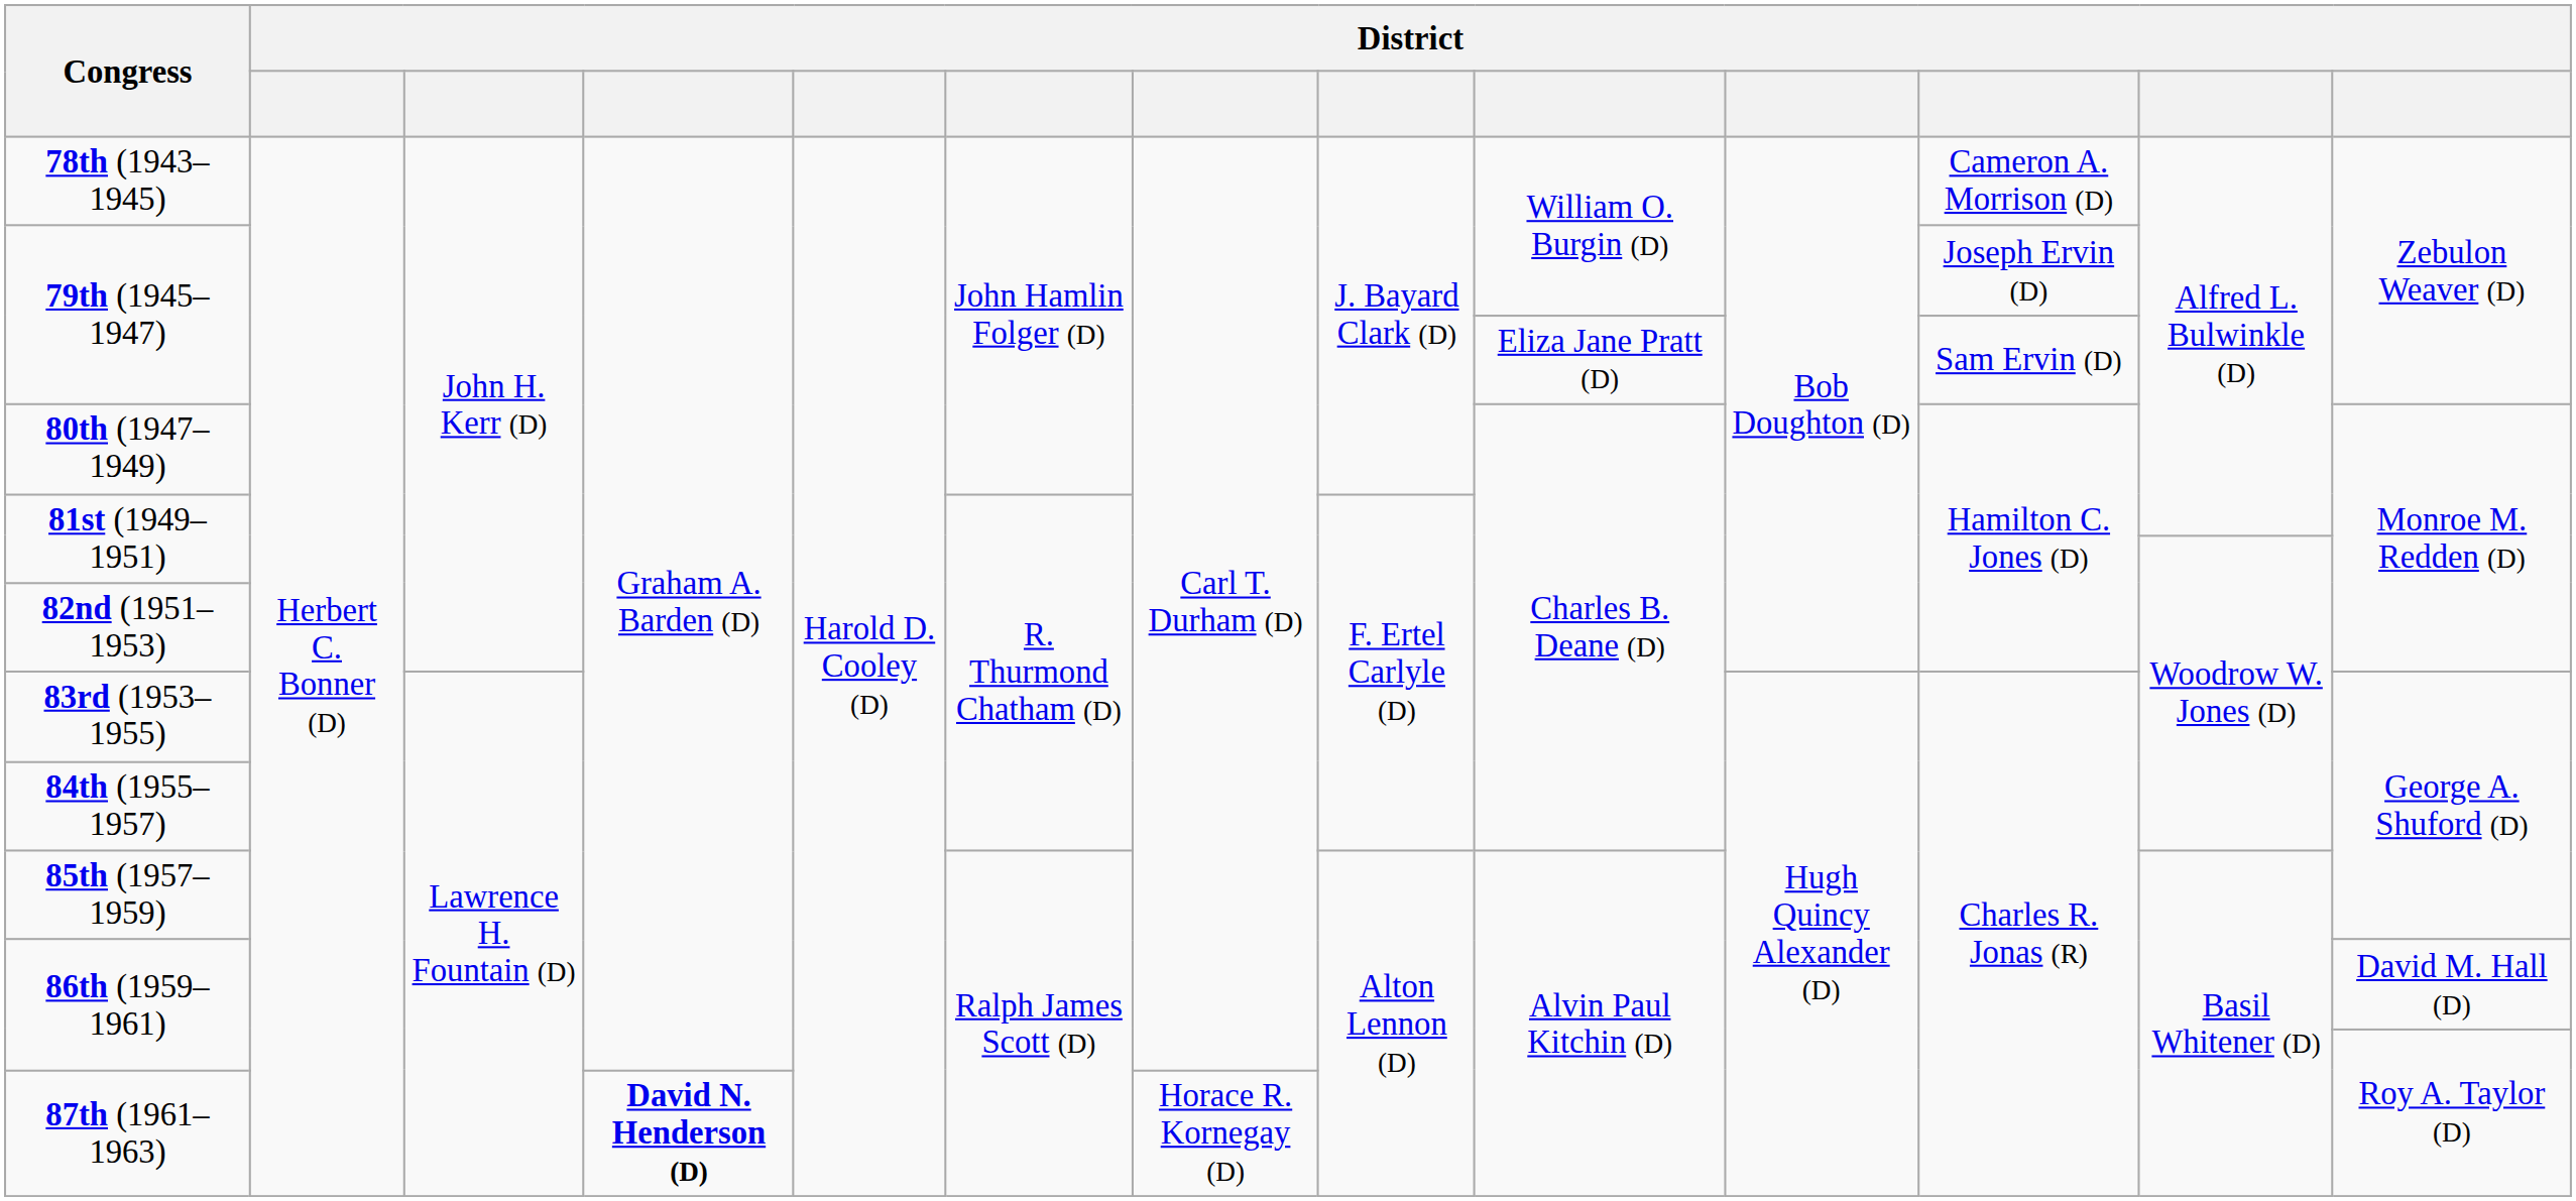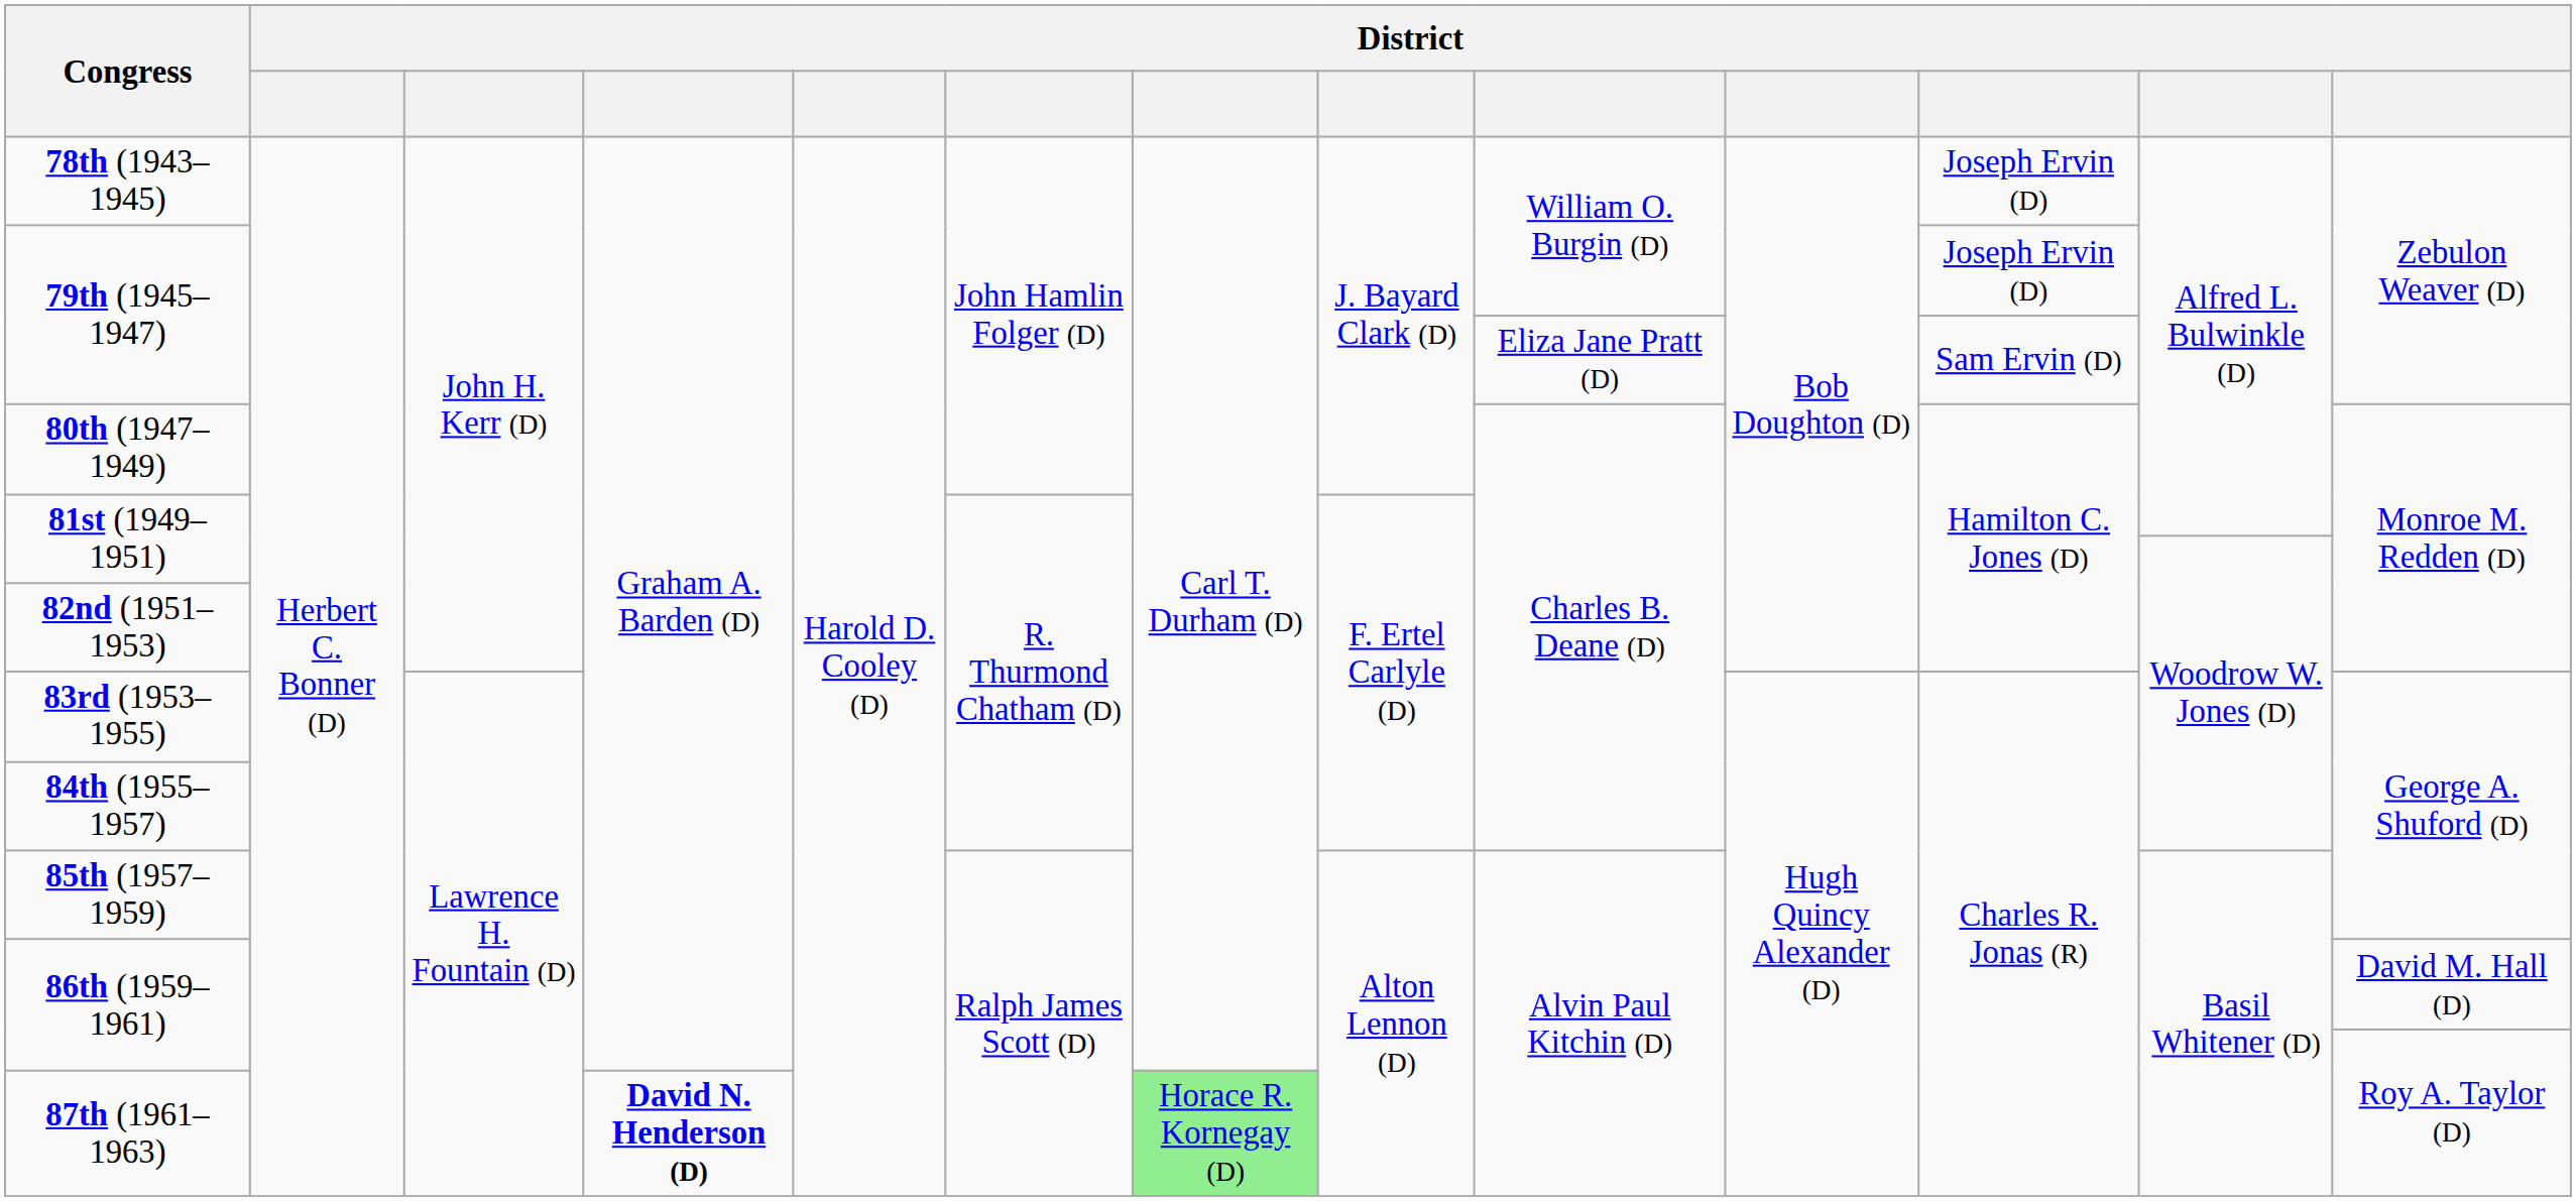 <table class=wikitable style="text-align:center">
 <tr style="height:2em">
 <th rowspan=2>Con­gress</th>
 <th colspan=12>District</th>
 </tr>
 <tr style="height:2em">
 <th></th>
 <th></th>
 <th></th>
 <th></th>
 <th></th>
 <th></th>
 <th></th>
 <th></th>
 <th></th>
 <th></th>
 <th></th>
 <th></th>
 </tr>
 <tr style="height:2.5em">
 <td><strong><a href='#'>78th</a></strong> (1943–1945)</td>
 <td rowspan=13 ><a href='#'>Herbert C.<br>Bonner</a> <small>(D)</small></td>
 <td rowspan=7 ><a href='#'>John H.<br>Kerr</a> <small>(D)</small></td>
 <td rowspan=12 ><a href='#'>Graham A.<br>Barden</a> <small>(D)</small></td>
 <td rowspan=13 ><a href='#'>Harold D.<br>Cooley</a> <small>(D)</small></td>
 <td rowspan=4 ><a href='#'>John Hamlin<br>Folger</a> <small>(D)</small></td>
 <td rowspan=12 ><a href='#'>Carl T.<br>Durham</a> <small>(D)</small></td>
 <td rowspan=4 ><a href='#'>J. Bayard<br>Clark</a> <small>(D)</small></td>
 <td rowspan=2 ><a href='#'>William O.<br>Burgin</a> <small>(D)</small></td>
 <td rowspan=7 ><a href='#'>Bob<br>Doughton</a> <small>(D)</small></td>
-<td><a href='#'>Cameron A.<br>Morrison</a> <small>(D)</small></td>
+<td><a href='#'>Joseph Ervin</a> <small>(D)</small></td>
 <td rowspan=5 ><a href='#'>Alfred L.<br>Bulwinkle</a> <small>(D)</small></td>
 <td rowspan=3 ><a href='#'>Zebulon<br>Weaver</a> <small>(D)</small></td>
 </tr>
 <tr style="height:2em">
 <td rowspan=2><strong><a href='#'>79th</a></strong> (1945–1947)</td>
 <td><a href='#'>Joseph Ervin</a> <small>(D)</small></td>
 </tr>
 <tr style="height:2em">
 <td><a href='#'>Eliza Jane Pratt</a> <small>(D)</small></td>
 <td><a href='#'>Sam Ervin</a> <small>(D)</small></td>
 </tr>
 <tr style="height:2.5em">
 <td><strong><a href='#'>80th</a></strong> (1947–1949)</td>
 <td rowspan=6 ><a href='#'>Charles B.<br>Deane</a> <small>(D)</small></td>
 <td rowspan=4 ><a href='#'>Hamilton C.<br>Jones</a> <small>(D)</small></td>
 <td rowspan=4 ><a href='#'>Monroe M.<br>Redden</a> <small>(D)</small></td>
 </tr>
 <tr style="height:1.25em">
 <td rowspan=2><strong><a href='#'>81st</a></strong> (1949–1951)</td>
 <td rowspan=5 ><a href='#'>R. Thurmond<br>Chatham</a> <small>(D)</small></td>
 <td rowspan=5 ><a href='#'>F. Ertel<br>Carlyle</a> <small>(D)</small></td>
 </tr>
 <tr style="height:1.25em">
 <td rowspan=4 ><a href='#'>Woodrow W.<br>Jones</a> <small>(D)</small></td>
 </tr>
 <tr style="height:2.5em">
 <td><strong><a href='#'>82nd</a></strong> (1951–1953)</td>
 </tr>
 <tr style="height:2.5em">
 <td><strong><a href='#'>83rd</a></strong> (1953–1955)</td>
 <td rowspan=6 ><a href='#'>Lawrence H.<br>Fountain</a> <small>(D)</small></td>
 <td rowspan=6 ><a href='#'>Hugh Quincy<br>Alexander</a> <small>(D)</small></td>
 <td rowspan=6 ><a href='#'>Charles R.<br>Jonas</a> <small>(R)</small></td>
 <td rowspan=3 ><a href='#'>George A.<br>Shuford</a> <small>(D)</small></td>
 </tr>
 <tr style="height:2.5em">
 <td><strong><a href='#'>84th</a></strong> (1955–1957)</td>
 </tr>
 <tr style="height:2.5em">
 <td><strong><a href='#'>85th</a></strong> (1957–1959)</td>
 <td rowspan=4 ><a href='#'>Ralph James<br>Scott</a> <small>(D)</small></td>
 <td rowspan=4 ><a href='#'>Alton<br>Lennon</a> <small>(D)</small></td>
 <td rowspan=4 ><a href='#'>Alvin Paul<br>Kitchin</a> <small>(D)</small></td>
 <td rowspan=4 ><a href='#'>Basil<br>Whitener</a> <small>(D)</small></td>
 </tr>
 <tr style="height:2em">
 <td rowspan=2><strong><a href='#'>86th</a></strong> (1959–1961)</td>
 <td><a href='#'>David M. Hall</a> <small>(D)</small></td>
 </tr>
 <tr style="height:1.25em">
 <td rowspan=2 ><a href='#'>Roy A. Taylor</a> <small>(D)</small></td>
 </tr>
 <tr style="height:2.5em">
 <td><strong><a href='#'>87th</a></strong> (1961–1963)</td>
 <td><strong><a href='#'>David N.<br>Henderson</a> <small>(D)</small></strong></td>
-<td><a href='#'>Horace R.<br>Kornegay</a> <small>(D)</small></td>
+<td style="background: lightgreen;"><a href='#'>Horace R.<br>Kornegay</a> <small>(D)</small></td>
 </tr>
 </table>
